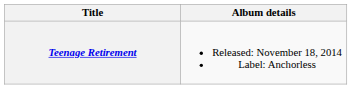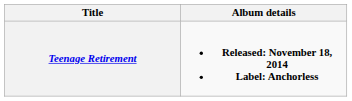 <table class="wikitable plainrowheaders" style="text-align:center;">
 <tr>
 <th scope="col" style="width:16em;">Title</th>
 <th scope="col" style="width:15em;">Album details</th>
 </tr>
 <tr>
 <th scope="row"><em><a href='#'>Teenage Retirement</a></em></th>
-<td><br><ul><li>Released: November 18, 2014</li><li>Label: Anchorless</li></ul></td>
+<td><strong><br><ul><li>Released: November 18, 2014</li><li>Label: Anchorless</li></ul></strong></td>
 </tr>
 </table>
